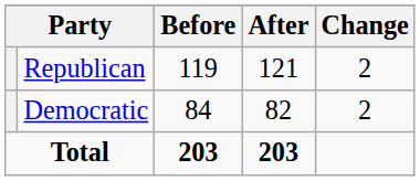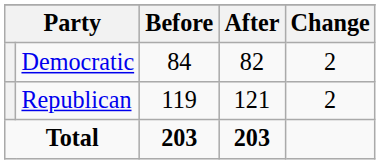 <table class="wikitable" style="text-align:center;">
 <tr>
 </tr>
 <tr>
 <th colspan=2>Party</th>
 <th>Before</th>
 <th>After</th>
 <th>Change</th>
 </tr>
 <tr>
 <th style="background-color:"></th>
-<td style="text-align:left;"><a href='#'>Republican</a></td>
-<td>119</td>
-<td>121</td>
+<td style="text-align:left;"><a href='#'>Democratic</a></td>
+<td>84</td>
+<td>82</td>
 <td> 2</td>
 </tr>
 <tr>
 <th style="background-color:"></th>
-<td style="text-align:left;"><a href='#'>Democratic</a></td>
-<td>84</td>
-<td>82</td>
+<td style="text-align:left;"><a href='#'>Republican</a></td>
+<td>119</td>
+<td>121</td>
 <td> 2</td>
 </tr>
 <tr>
 <td colspan=2><strong>Total</strong></td>
 <td><strong>203</strong></td>
 <td><strong>203</strong></td>
 <td></td>
 </tr>
 </table>
